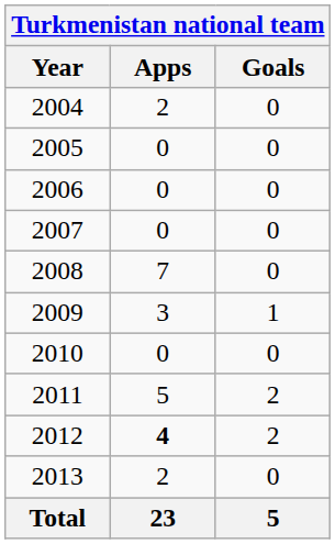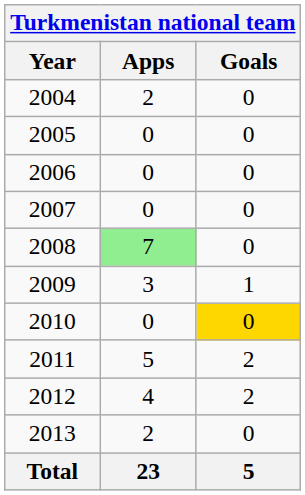 <table class="wikitable" style="text-align:center">
 <tr>
 <th colspan=3><a href='#'>Turkmenistan national team</a></th>
 </tr>
 <tr>
 <th>Year</th>
 <th>Apps</th>
 <th>Goals</th>
 </tr>
 <tr>
 <td>2004</td>
 <td>2</td>
 <td>0</td>
 </tr>
 <tr>
 <td>2005</td>
 <td>0</td>
 <td>0</td>
 </tr>
 <tr>
 <td>2006</td>
 <td>0</td>
 <td>0</td>
 </tr>
 <tr>
 <td>2007</td>
 <td>0</td>
 <td>0</td>
 </tr>
 <tr>
 <td>2008</td>
-<td>7</td>
+<td style="background: lightgreen;">7</td>
 <td>0</td>
 </tr>
 <tr>
 <td>2009</td>
 <td>3</td>
 <td>1</td>
 </tr>
 <tr>
 <td>2010</td>
 <td>0</td>
-<td>0</td>
+<td style="background: gold;">0</td>
 </tr>
 <tr>
 <td>2011</td>
 <td>5</td>
 <td>2</td>
 </tr>
 <tr>
 <td>2012</td>
-<td><strong>4</strong></td>
+<td>4</td>
 <td>2</td>
 </tr>
 <tr>
 <td>2013</td>
 <td>2</td>
 <td>0</td>
 </tr>
 <tr>
 <th>Total</th>
 <th>23</th>
 <th>5</th>
 </tr>
 </table>
